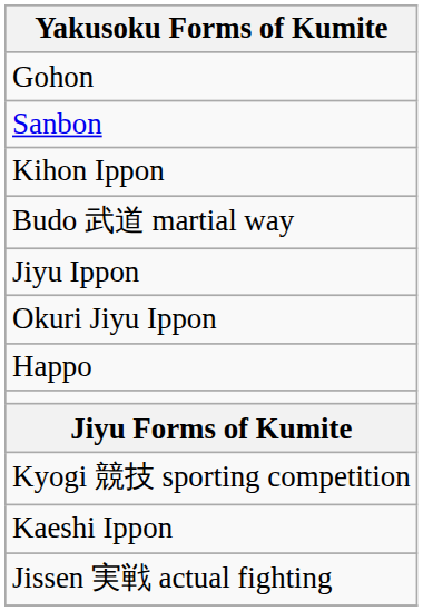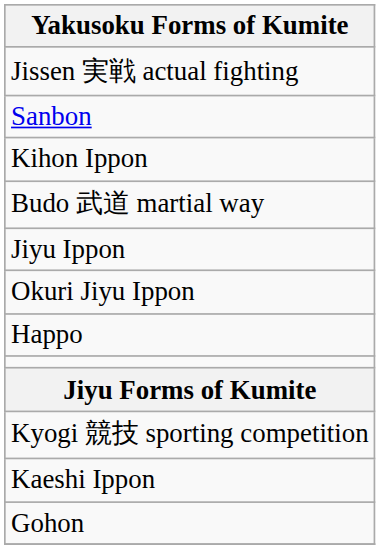 <table class="wikitable">
 <tr>
 <th>Yakusoku Forms of Kumite</th>
 </tr>
 <tr>
-<td>Gohon</td>
+<td>Jissen 実戦 actual fighting</td>
 </tr>
 <tr>
 <td><a href='#'>Sanbon</a></td>
 </tr>
 <tr>
 <td>Kihon Ippon</td>
 </tr>
 <tr>
 <td>Budo 武道  martial way</td>
 </tr>
 <tr>
 <td>Jiyu Ippon</td>
 </tr>
 <tr>
 <td>Okuri Jiyu Ippon</td>
 </tr>
 <tr>
 <td>Happo</td>
 </tr>
 <tr>
 <td></td>
 </tr>
 <tr>
 <th>Jiyu Forms of Kumite</th>
 </tr>
 <tr>
 <td>Kyogi 競技 sporting competition</td>
 </tr>
 <tr>
 <td>Kaeshi Ippon</td>
 </tr>
 <tr>
-<td>Jissen 実戦 actual fighting</td>
+<td>Gohon</td>
 </tr>
 <tr>
 </tr>
 </table>
